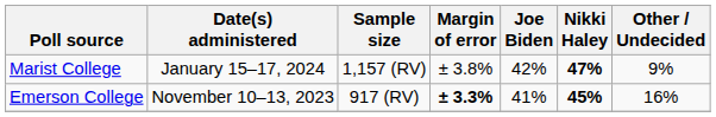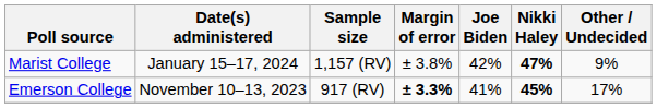 <table class="wikitable sortable mw-datatable" style="font-size:90%;text-align:center;line-height:17px">
 <tr valign=bottom>
 <th>Poll source</th>
 <th>Date(s)<br>administered</th>
 <th>Sample<br>size</th>
 <th>Margin<br>of error</th>
 <th class="unsortable">Joe<br>Biden<br></th>
 <th class="unsortable">Nikki<br>Haley<br></th>
 <th class="unsortable">Other /<br>Undecided</th>
 </tr>
 <tr>
 <td style="text-align:left;"><a href='#'>Marist College</a></td>
 <td data-sort-value="2024-01-19">January 15–17, 2024</td>
 <td>1,157 (RV)</td>
 <td>± 3.8%</td>
 <td>42%</td>
 <td style="background-color:"><strong>47%</strong></td>
 <td>9%</td>
 </tr>
 <tr>
 <td style="text-align:left;"><a href='#'>Emerson College</a></td>
 <td data-sort-value="2023-11-15">November 10–13, 2023</td>
 <td>917 (RV)</td>
 <td><strong>± 3.3%</strong></td>
 <td>41%</td>
 <td style="background-color:"><strong>45%</strong></td>
-<td>16%</td>
+<td>17%</td>
 </tr>
 <tr>
 </tr>
 </table>
